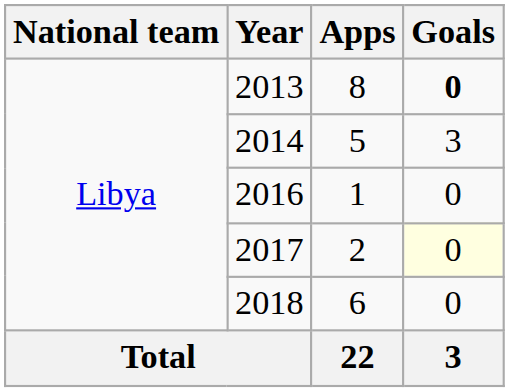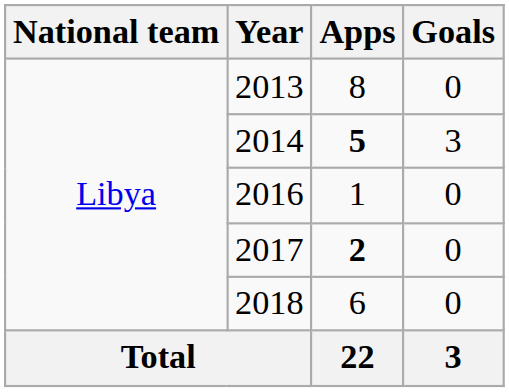 <table class="wikitable" style="text-align:center">
 <tr>
 <th>National team</th>
 <th>Year</th>
 <th>Apps</th>
 <th>Goals</th>
 </tr>
 <tr>
 <td rowspan="5"><a href='#'>Libya</a></td>
 <td>2013</td>
 <td>8</td>
-<td><strong>0</strong></td>
+<td>0</td>
 </tr>
 <tr>
 <td>2014</td>
-<td>5</td>
+<td><strong>5</strong></td>
 <td>3</td>
 </tr>
 <tr>
 <td>2016</td>
 <td>1</td>
 <td>0</td>
 </tr>
 <tr>
 <td>2017</td>
-<td>2</td>
-<td style="background: lightyellow;">0</td>
+<td><strong>2</strong></td>
+<td>0</td>
 </tr>
 <tr>
 <td>2018</td>
 <td>6</td>
 <td>0</td>
 </tr>
 <tr>
 <th colspan="2">Total</th>
 <th>22</th>
 <th>3</th>
 </tr>
 </table>
